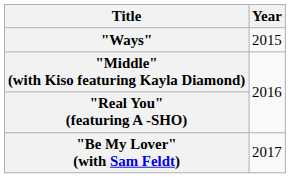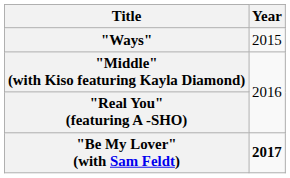 <table class="wikitable plainrowheaders" style="text-align:center;">
 <tr>
 <th scope="col">Title</th>
 <th scope="col">Year</th>
 </tr>
 <tr>
 <th scope="row">"Ways"</th>
 <td>2015</td>
 </tr>
 <tr>
 <th scope="row">"Middle"<br><span>(with Kiso featuring Kayla Diamond)</span></th>
 <td rowspan="2">2016</td>
 </tr>
 <tr>
 <th scope="row">"Real You"<br><span>(featuring A -SHO)</span></th>
 </tr>
 <tr>
 <th scope="row">"Be My Lover"<br><span>(with <a href='#'>Sam Feldt</a>)</span></th>
-<td>2017</td>
+<td><strong>2017</strong></td>
 </tr>
 </table>
